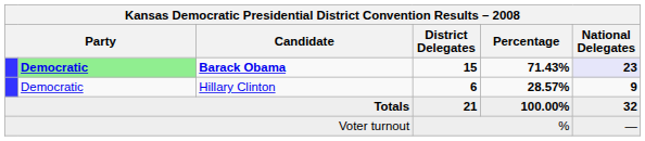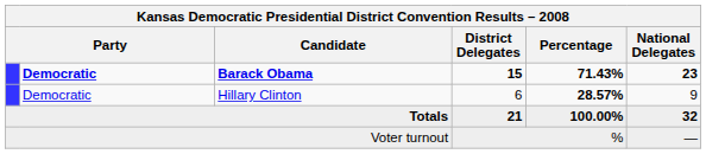 <table class="wikitable" style="font-size:95%;">
 <tr>
 <th colspan="7">Kansas Democratic Presidential District Convention Results – 2008</th>
 </tr>
 <tr>
 <th colspan="2" style="width: 15em">Party</th>
 <th style="width: 17em">Candidate</th>
 <th style="width: 5em">District Delegates</th>
 <th style="width: 7em">Percentage</th>
 <th style="width: 5em">National Delegates</th>
 </tr>
 <tr>
 <th style="background-color:#3333FF; width: 3px"></th>
-<td style="background: lightgreen; width: 130px"><strong><a href='#'>Democratic</a></strong></td>
+<td style="width: 130px"><strong><a href='#'>Democratic</a></strong></td>
 <td><strong><a href='#'>Barack Obama</a></strong></td>
 <td align="right"><strong>15</strong></td>
 <td align="right"><strong>71.43%</strong></td>
-<td align="right" style="background: lavender;"><strong>23</strong></td>
+<td align="right"><strong>23</strong></td>
 </tr>
 <tr>
 <th style="background-color:#3333FF; width: 3px"></th>
 <td style="width: 130px"><a href='#'>Democratic</a></td>
 <td><a href='#'>Hillary Clinton</a></td>
-<td align="right"><strong>6</strong></td>
+<td align="right">6</td>
 <td align="right"><strong>28.57%</strong></td>
-<td align="right"><strong>9</strong></td>
+<td align="right">9</td>
 </tr>
 <tr bgcolor="#EEEEEE">
 <td colspan="3" align="right"><strong>Totals</strong></td>
 <td align="right"><strong>21</strong></td>
 <td align="right"><strong>100.00%</strong></td>
 <td align="right"><strong>32</strong></td>
 </tr>
 <tr bgcolor="#EEEEEE">
 <td colspan="3" align="right">Voter turnout</td>
 <td colspan="2" align="right">%</td>
 <td align="right">—</td>
 </tr>
 </table>
